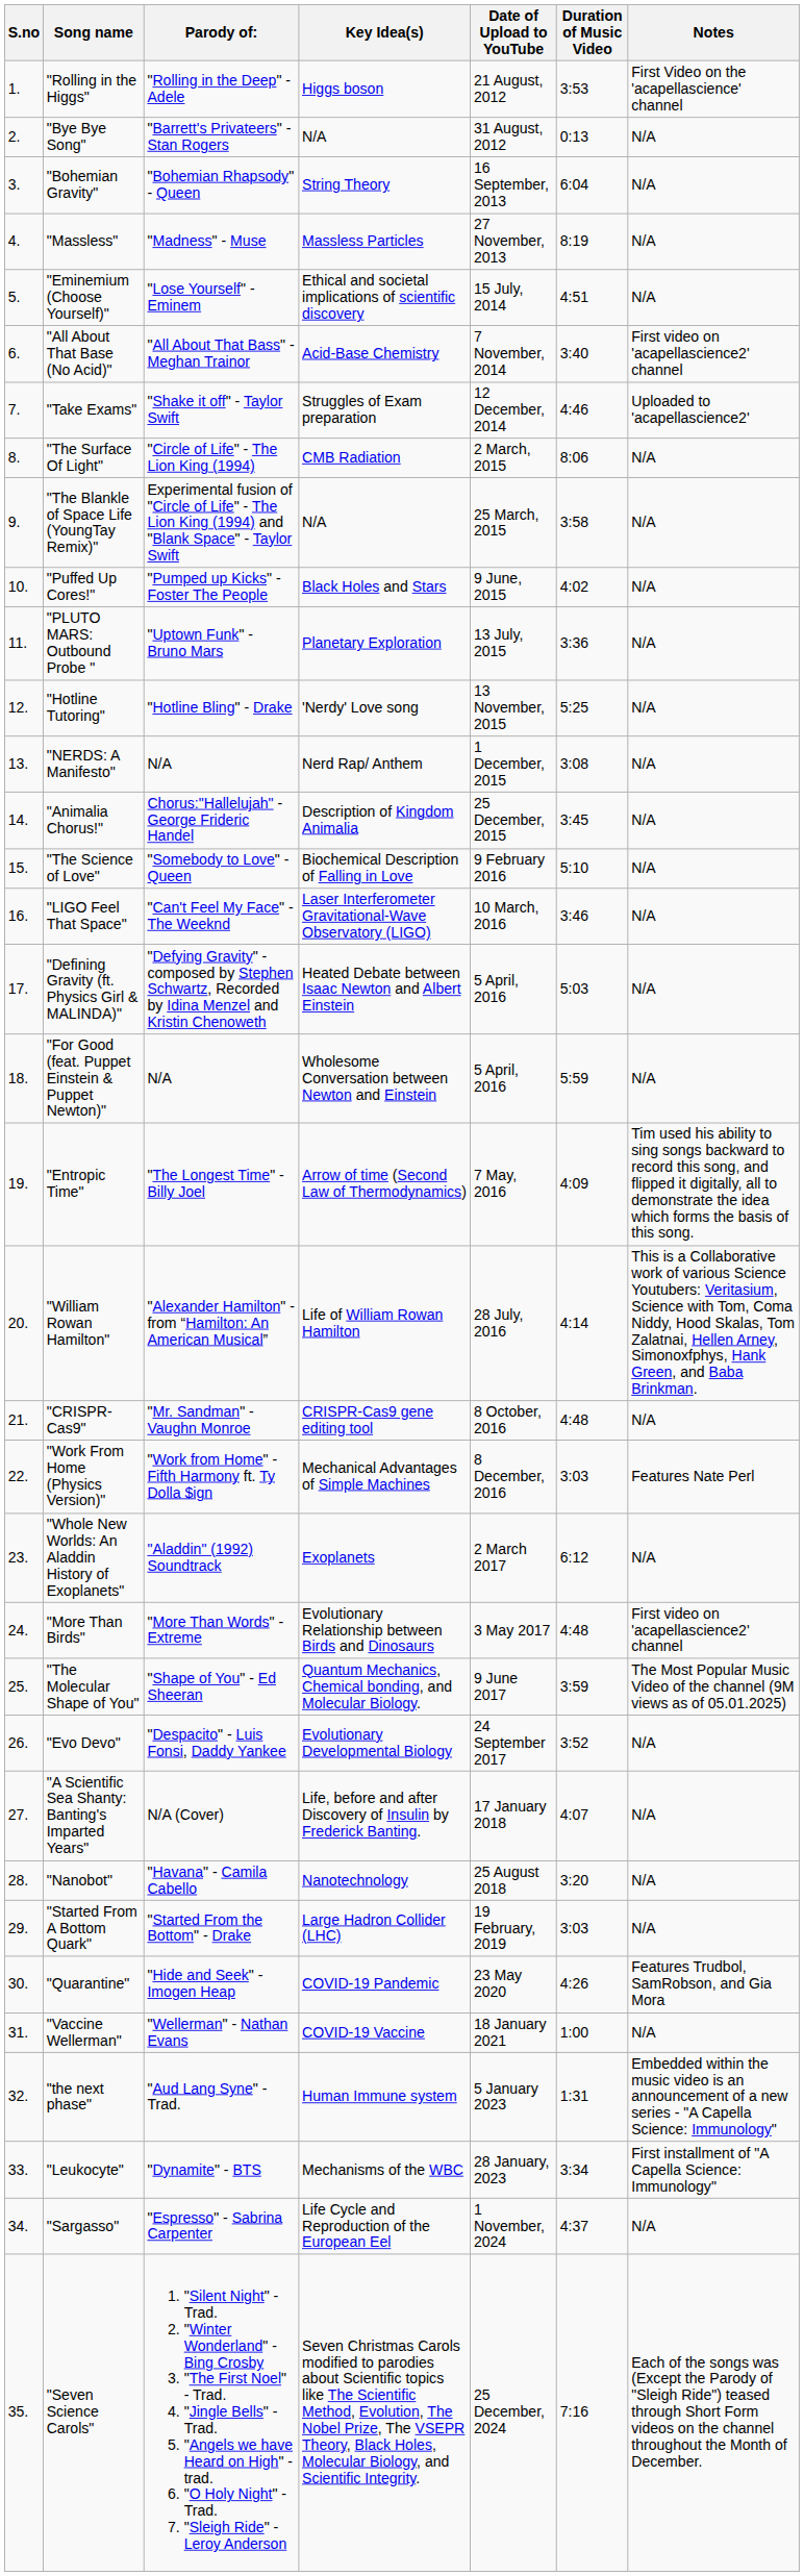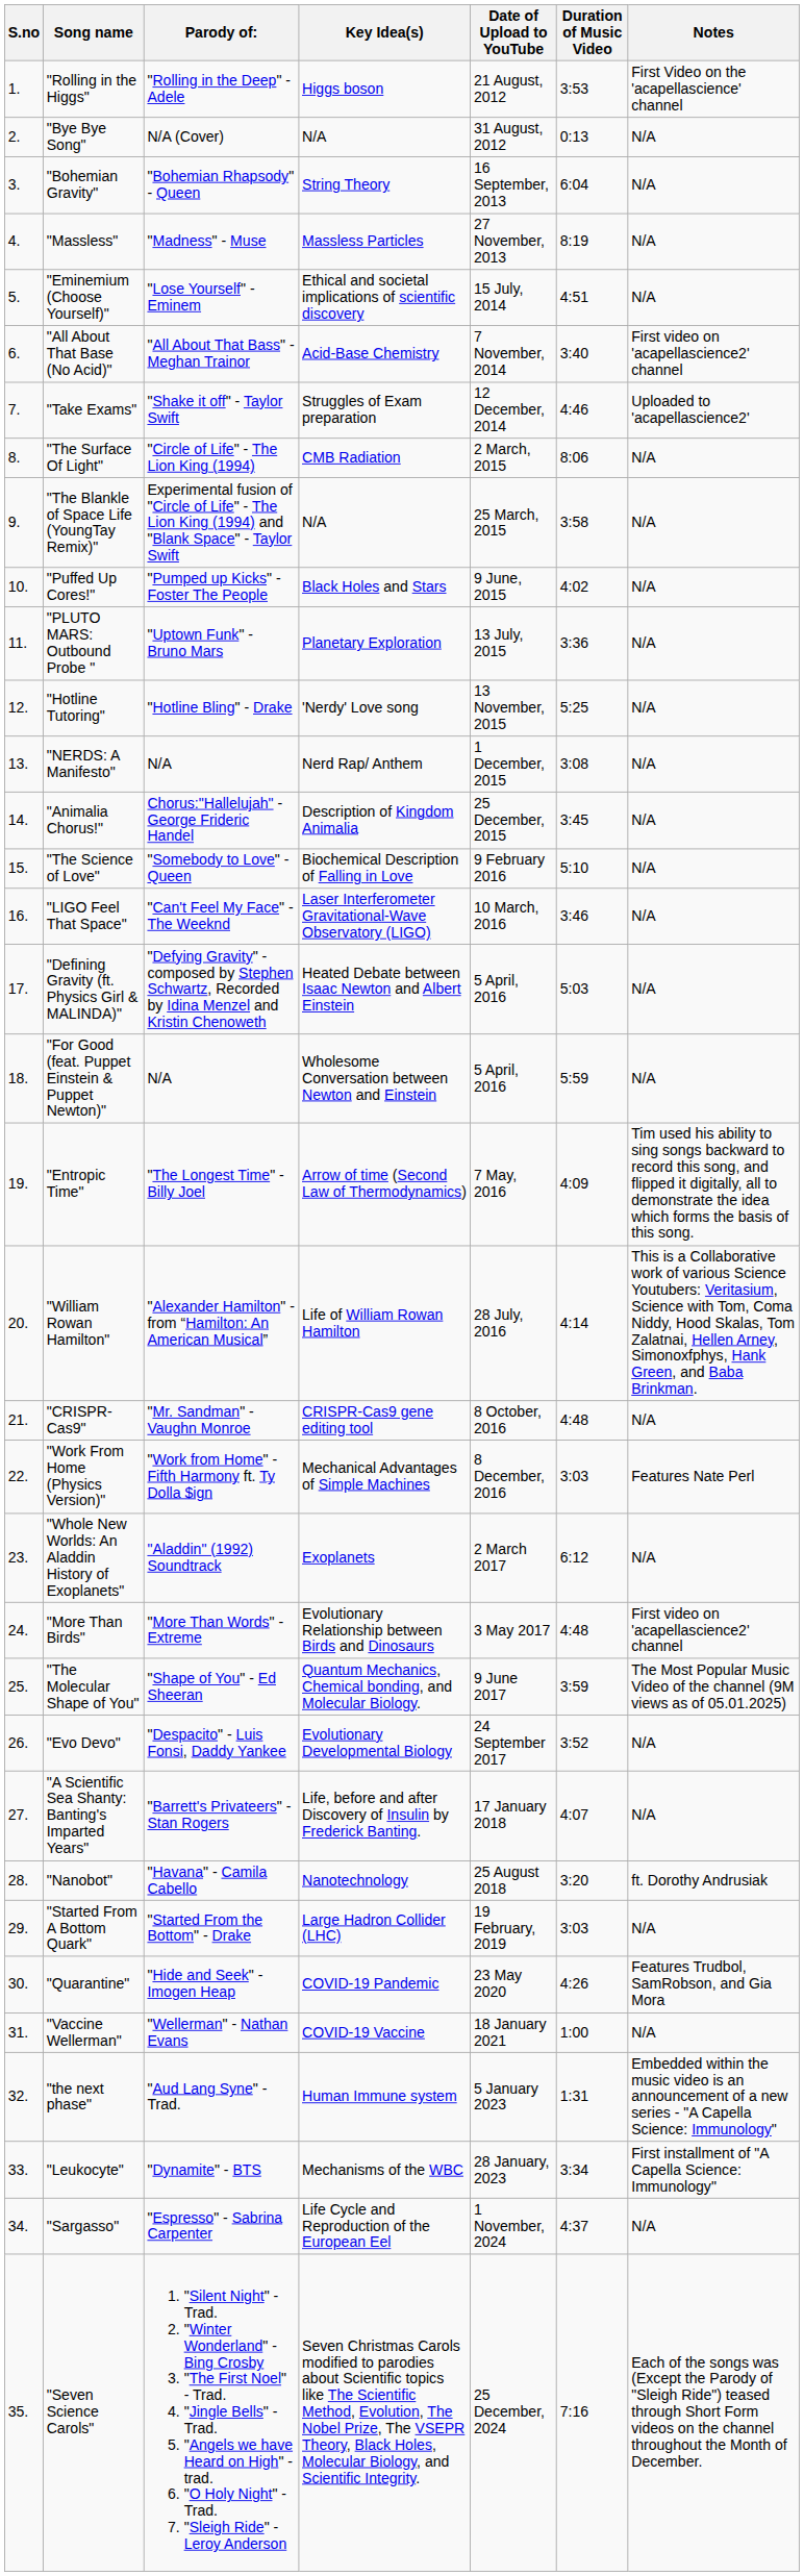 <table class="wikitable sortable">
 <tr>
 <th>S.no</th>
 <th>Song name</th>
 <th>Parody of:</th>
 <th>Key Idea(s)</th>
 <th>Date of Upload to YouTube</th>
 <th>Duration of Music Video</th>
 <th>Notes</th>
 </tr>
 <tr>
 <td>1.</td>
 <td>"Rolling in the Higgs"</td>
 <td>"<a href='#'>Rolling in the Deep</a>" - <a href='#'>Adele</a></td>
 <td><a href='#'>Higgs boson</a></td>
 <td>21 August, 2012</td>
 <td>3:53</td>
 <td>First Video on the 'acapellascience' channel</td>
 </tr>
 <tr>
 <td>2.</td>
 <td>"Bye Bye Song"</td>
-<td>"<a href='#'>Barrett's Privateers</a>" - <a href='#'>Stan Rogers</a></td>
+<td>N/A (Cover)</td>
 <td>N/A</td>
 <td>31 August, 2012</td>
 <td>0:13</td>
 <td>N/A</td>
 </tr>
 <tr>
 <td>3.</td>
 <td>"Bohemian Gravity"</td>
 <td>"<a href='#'>Bohemian Rhapsody</a>" - <a href='#'>Queen</a></td>
 <td><a href='#'>String Theory</a></td>
 <td>16 September, 2013</td>
 <td>6:04</td>
 <td>N/A</td>
 </tr>
 <tr>
 <td>4.</td>
 <td>"Massless"</td>
 <td>"<a href='#'>Madness</a>" - <a href='#'>Muse</a></td>
 <td><a href='#'>Massless Particles</a></td>
 <td>27 November, 2013</td>
 <td>8:19</td>
 <td>N/A</td>
 </tr>
 <tr>
 <td>5.</td>
 <td>"Eminemium (Choose Yourself)"</td>
 <td>"<a href='#'>Lose Yourself</a>" - <a href='#'>Eminem</a></td>
 <td>Ethical and societal implications of <a href='#'>scientific discovery</a></td>
 <td>15 July, 2014</td>
 <td>4:51</td>
 <td>N/A</td>
 </tr>
 <tr>
 <td>6.</td>
 <td>"All About That Base (No Acid)"</td>
 <td>"<a href='#'>All About That Bass</a>" - <a href='#'>Meghan Trainor</a></td>
 <td><a href='#'>Acid-Base Chemistry</a></td>
 <td>7 November, 2014</td>
 <td>3:40</td>
 <td>First video on 'acapellascience2' channel</td>
 </tr>
 <tr>
 <td>7.</td>
 <td>"Take Exams"</td>
 <td>"<a href='#'>Shake it off</a>" - <a href='#'>Taylor Swift</a></td>
 <td>Struggles of Exam preparation</td>
 <td>12 December, 2014</td>
 <td>4:46</td>
 <td>Uploaded to 'acapellascience2'</td>
 </tr>
 <tr>
 <td>8.</td>
 <td>"The Surface Of Light"</td>
 <td>"<a href='#'>Circle of Life</a>" - <a href='#'>The Lion King (1994)</a></td>
 <td><a href='#'>CMB Radiation</a></td>
 <td>2 March, 2015</td>
 <td>8:06</td>
 <td>N/A</td>
 </tr>
 <tr>
 <td>9.</td>
 <td>"The Blankle of Space Life (YoungTay Remix)"</td>
 <td>Experimental fusion of "<a href='#'>Circle of Life</a>" - <a href='#'>The Lion King (1994)</a> and "<a href='#'>Blank Space</a>" - <a href='#'>Taylor Swift</a></td>
 <td>N/A</td>
 <td>25 March, 2015</td>
 <td>3:58</td>
 <td>N/A</td>
 </tr>
 <tr>
 <td>10.</td>
 <td>"Puffed Up Cores!"</td>
 <td>"<a href='#'>Pumped up Kicks</a>" - <a href='#'>Foster The People</a></td>
 <td><a href='#'>Black Holes</a> and <a href='#'>Stars</a></td>
 <td>9 June, 2015</td>
 <td>4:02</td>
 <td>N/A</td>
 </tr>
 <tr>
 <td>11.</td>
 <td>"PLUTO MARS: Outbound Probe "</td>
 <td>"<a href='#'>Uptown Funk</a>" - <a href='#'>Bruno Mars</a></td>
 <td><a href='#'>Planetary Exploration</a></td>
 <td>13 July, 2015</td>
 <td>3:36</td>
 <td>N/A</td>
 </tr>
 <tr>
 <td>12.</td>
 <td>"Hotline Tutoring"</td>
 <td>"<a href='#'>Hotline Bling</a>" - <a href='#'>Drake</a></td>
 <td>'Nerdy' Love song</td>
 <td>13 November, 2015</td>
 <td>5:25</td>
 <td>N/A</td>
 </tr>
 <tr>
 <td>13.</td>
 <td>"NERDS: A Manifesto"</td>
 <td>N/A</td>
 <td>Nerd Rap/ Anthem</td>
 <td>1 December, 2015</td>
 <td>3:08</td>
 <td>N/A</td>
 </tr>
 <tr>
 <td>14.</td>
 <td>"Animalia Chorus!"</td>
 <td><a href='#'>Chorus:"Hallelujah"</a> - <a href='#'>George Frideric Handel</a></td>
 <td>Description of <a href='#'>Kingdom Animalia</a></td>
 <td>25 December, 2015</td>
 <td>3:45</td>
 <td>N/A</td>
 </tr>
 <tr>
 <td>15.</td>
 <td>"The Science of Love"</td>
 <td>"<a href='#'>Somebody to Love</a>" - <a href='#'>Queen</a></td>
 <td>Biochemical Description of <a href='#'>Falling in Love</a></td>
 <td>9 February 2016</td>
 <td>5:10</td>
 <td>N/A</td>
 </tr>
 <tr>
 <td>16.</td>
 <td>"LIGO Feel That Space"</td>
 <td>"<a href='#'>Can't Feel My Face</a>" - <a href='#'>The Weeknd</a></td>
 <td><a href='#'>Laser Interferometer Gravitational-Wave Observatory (LIGO)</a></td>
 <td>10 March, 2016</td>
 <td>3:46</td>
 <td>N/A</td>
 </tr>
 <tr>
 <td>17.</td>
 <td>"Defining Gravity (ft. Physics Girl & MALINDA)"</td>
 <td>"<a href='#'>Defying Gravity</a>" - composed by <a href='#'>Stephen Schwartz</a>, Recorded by <a href='#'>Idina Menzel</a> and <a href='#'>Kristin Chenoweth</a></td>
 <td>Heated Debate between <a href='#'>Isaac Newton</a> and <a href='#'>Albert Einstein</a></td>
 <td>5 April, 2016</td>
 <td>5:03</td>
 <td>N/A</td>
 </tr>
 <tr>
 <td>18.</td>
 <td>"For Good (feat. Puppet Einstein & Puppet Newton)"</td>
 <td>N/A</td>
 <td>Wholesome Conversation between <a href='#'>Newton</a> and <a href='#'>Einstein</a></td>
 <td>5 April, 2016</td>
 <td>5:59</td>
 <td>N/A</td>
 </tr>
 <tr>
 <td>19.</td>
 <td>"Entropic Time"</td>
 <td>"<a href='#'>The Longest Time</a>" - <a href='#'>Billy Joel</a></td>
 <td><a href='#'>Arrow of time</a> (<a href='#'>Second Law of Thermodynamics</a>)</td>
 <td>7 May, 2016</td>
 <td>4:09</td>
 <td>Tim used his ability to sing songs backward to record this song, and flipped it digitally, all to demonstrate the idea which forms the basis of this song.</td>
 </tr>
 <tr>
 <td>20.</td>
 <td>"William Rowan Hamilton"</td>
 <td>"<a href='#'>Alexander Hamilton</a>" - from “<a href='#'>Hamilton: An American Musical</a>”</td>
 <td>Life of <a href='#'>William Rowan Hamilton</a></td>
 <td>28 July, 2016</td>
 <td>4:14</td>
 <td>This is a Collaborative work of various Science Youtubers: <a href='#'>Veritasium</a>, Science with Tom, Coma Niddy, Hood Skalas, Tom Zalatnai, <a href='#'>Hellen Arney</a>, Simonoxfphys, <a href='#'>Hank Green</a>, and <a href='#'>Baba Brinkman</a>.</td>
 </tr>
 <tr>
 <td>21.</td>
 <td>"CRISPR-Cas9"</td>
 <td>"<a href='#'>Mr. Sandman</a>" - <a href='#'>Vaughn Monroe</a></td>
 <td><a href='#'>CRISPR-Cas9 gene editing tool</a></td>
 <td>8 October, 2016</td>
 <td>4:48</td>
 <td>N/A</td>
 </tr>
 <tr>
 <td>22.</td>
 <td>"Work From Home (Physics Version)"</td>
 <td>"<a href='#'>Work from Home</a>" - <a href='#'>Fifth Harmony</a> ft. <a href='#'>Ty Dolla $ign</a></td>
 <td>Mechanical Advantages of <a href='#'>Simple Machines</a></td>
 <td>8 December, 2016</td>
 <td>3:03</td>
 <td>Features Nate Perl</td>
 </tr>
 <tr>
 <td>23.</td>
 <td>"Whole New Worlds: An Aladdin History of Exoplanets"</td>
 <td><a href='#'>"Aladdin" (1992)</a> <a href='#'>Soundtrack</a></td>
 <td><a href='#'>Exoplanets</a></td>
 <td>2 March 2017</td>
 <td>6:12</td>
 <td>N/A</td>
 </tr>
 <tr>
 <td>24.</td>
 <td>"More Than Birds"</td>
 <td>"<a href='#'>More Than Words</a>"  - <a href='#'>Extreme</a></td>
 <td>Evolutionary Relationship between <a href='#'>Birds</a> and <a href='#'>Dinosaurs</a></td>
 <td>3 May 2017</td>
 <td>4:48</td>
 <td>First video on 'acapellascience2' channel</td>
 </tr>
 <tr>
 <td>25.</td>
 <td>"The Molecular Shape of You"</td>
 <td>"<a href='#'>Shape of You</a>" - <a href='#'>Ed Sheeran</a></td>
 <td><a href='#'>Quantum Mechanics</a>, <a href='#'>Chemical bonding</a>, and <a href='#'>Molecular Biology</a>.</td>
 <td>9 June 2017</td>
 <td>3:59</td>
 <td>The Most Popular Music Video of the channel (9M views as of 05.01.2025)</td>
 </tr>
 <tr>
 <td>26.</td>
 <td>"Evo Devo"</td>
 <td>"<a href='#'>Despacito</a>" - <a href='#'>Luis Fonsi</a>, <a href='#'>Daddy Yankee</a></td>
 <td><a href='#'>Evolutionary Developmental Biology</a></td>
 <td>24 September 2017</td>
 <td>3:52</td>
 <td>N/A</td>
 </tr>
 <tr>
 <td>27.</td>
 <td>"A Scientific Sea Shanty: Banting's Imparted Years"</td>
-<td>N/A (Cover)</td>
+<td>"<a href='#'>Barrett's Privateers</a>" - <a href='#'>Stan Rogers</a></td>
 <td>Life, before and after Discovery of <a href='#'>Insulin</a> by <a href='#'>Frederick Banting</a>.</td>
 <td>17 January 2018</td>
 <td>4:07</td>
 <td>N/A</td>
 </tr>
 <tr>
 <td>28.</td>
 <td>"Nanobot"</td>
 <td>"<a href='#'>Havana</a>" -  <a href='#'>Camila Cabello</a></td>
 <td><a href='#'>Nanotechnology</a></td>
 <td>25 August 2018</td>
 <td>3:20</td>
-<td>N/A</td>
+<td>ft. Dorothy Andrusiak</td>
 </tr>
 <tr>
 <td>29.</td>
 <td>"Started From A Bottom Quark"</td>
 <td>"<a href='#'>Started From the Bottom</a>" - <a href='#'>Drake</a></td>
 <td><a href='#'>Large Hadron Collider (LHC)</a></td>
 <td>19 February, 2019</td>
 <td>3:03</td>
 <td>N/A</td>
 </tr>
 <tr>
 <td>30.</td>
 <td>"Quarantine"</td>
 <td>"<a href='#'>Hide and Seek</a>" - <a href='#'>Imogen Heap</a></td>
 <td><a href='#'>COVID-19 Pandemic</a></td>
 <td>23 May 2020</td>
 <td>4:26</td>
 <td>Features Trudbol, SamRobson, and Gia Mora</td>
 </tr>
 <tr>
 <td>31.</td>
 <td>"Vaccine Wellerman"</td>
 <td>"<a href='#'>Wellerman</a>" -  <a href='#'>Nathan Evans</a></td>
 <td><a href='#'>COVID-19 Vaccine</a></td>
 <td>18 January 2021</td>
 <td>1:00</td>
 <td>N/A</td>
 </tr>
 <tr>
 <td>32.</td>
 <td>"the next phase"</td>
 <td>"<a href='#'>Aud Lang Syne</a>" - Trad.</td>
 <td><a href='#'>Human Immune system</a></td>
 <td>5 January 2023</td>
 <td>1:31</td>
 <td>Embedded within  the music video is an announcement of a new series - "A Capella Science: <a href='#'>Immunology</a>"</td>
 </tr>
 <tr>
 <td>33.</td>
 <td>"Leukocyte"</td>
 <td>"<a href='#'>Dynamite</a>" -  <a href='#'>BTS</a></td>
 <td>Mechanisms of the <a href='#'>WBC</a></td>
 <td>28 January, 2023</td>
 <td>3:34</td>
 <td>First installment of "A Capella Science: Immunology"</td>
 </tr>
 <tr>
 <td>34.</td>
 <td>"Sargasso"</td>
 <td>"<a href='#'>Espresso</a>" - <a href='#'>Sabrina Carpenter</a></td>
 <td>Life Cycle and Reproduction of the <a href='#'>European Eel</a></td>
 <td>1 November, 2024</td>
 <td>4:37</td>
 <td>N/A</td>
 </tr>
 <tr>
 <td>35.</td>
 <td>"Seven Science Carols"</td>
 <td><br><ol><li>"<a href='#'>Silent Night</a>" - Trad.</li><li>"<a href='#'>Winter Wonderland</a>" - <a href='#'>Bing Crosby</a></li><li>"<a href='#'>The First Noel</a>" - Trad.</li><li>"<a href='#'>Jingle Bells</a>" - Trad.</li><li>"<a href='#'>Angels we have Heard on High</a>" - trad.</li><li>"<a href='#'>O Holy Night</a>" - Trad.</li><li>"<a href='#'>Sleigh Ride</a>" - <a href='#'>Leroy Anderson</a></li></ol></td>
 <td>Seven Christmas Carols modified to parodies about Scientific topics like <a href='#'>The Scientific Method</a>, <a href='#'>Evolution</a>, <a href='#'>The Nobel Prize</a>, The <a href='#'>VSEPR Theory</a>, <a href='#'>Black Holes</a>, <a href='#'>Molecular Biology</a>, and <a href='#'>Scientific Integrity</a>.</td>
 <td>25 December, 2024</td>
 <td>7:16</td>
 <td>Each of the songs was (Except the Parody of "Sleigh Ride") teased through Short Form videos on the channel throughout the Month of December.</td>
 </tr>
 </table>
